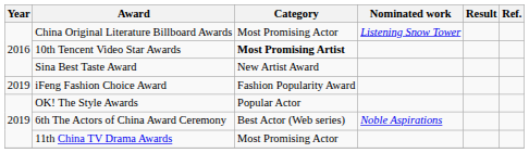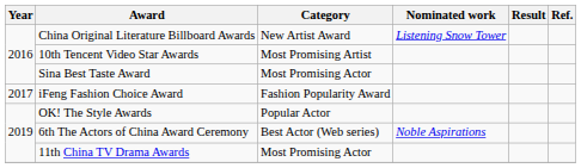 <table class="wikitable">
 <tr>
 <th>Year</th>
 <th>Award</th>
 <th>Category</th>
 <th>Nominated work</th>
 <th>Result</th>
 <th>Ref.</th>
 </tr>
 <tr>
 <td rowspan=3>2016</td>
 <td>China Original Literature Billboard Awards</td>
-<td>Most Promising Actor</td>
+<td>New Artist Award</td>
 <td><em><a href='#'>Listening Snow Tower</a></em></td>
 <td></td>
 <td></td>
 </tr>
 <tr>
 <td>10th Tencent Video Star Awards</td>
-<td><strong>Most Promising Artist</strong></td>
+<td>Most Promising Artist</td>
 <td></td>
 <td></td>
 <td></td>
 </tr>
 <tr>
 <td>Sina Best Taste Award</td>
-<td>New Artist Award</td>
+<td>Most Promising Actor</td>
 <td></td>
 <td></td>
 <td></td>
 </tr>
 <tr>
-<td>2019</td>
+<td>2017</td>
 <td>iFeng Fashion Choice Award</td>
 <td>Fashion Popularity Award</td>
 <td></td>
 <td></td>
 <td></td>
 </tr>
 <tr>
 <td rowspan=3>2019</td>
 <td>OK! The Style Awards</td>
 <td>Popular Actor</td>
 <td></td>
 <td></td>
 <td></td>
 </tr>
 <tr>
 <td>6th The Actors of China Award Ceremony</td>
 <td>Best Actor (Web series)</td>
 <td><em><a href='#'>Noble Aspirations</a></em></td>
 <td></td>
 <td></td>
 </tr>
 <tr>
 <td>11th <a href='#'>China TV Drama Awards</a></td>
 <td>Most Promising Actor</td>
 <td></td>
 <td></td>
 <td></td>
 </tr>
 <tr>
 </tr>
 </table>
